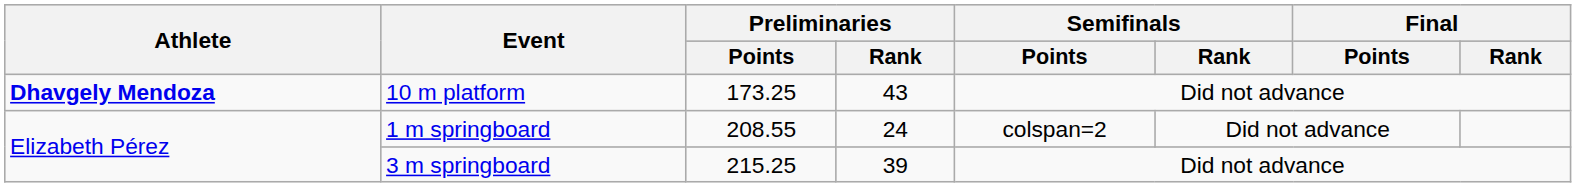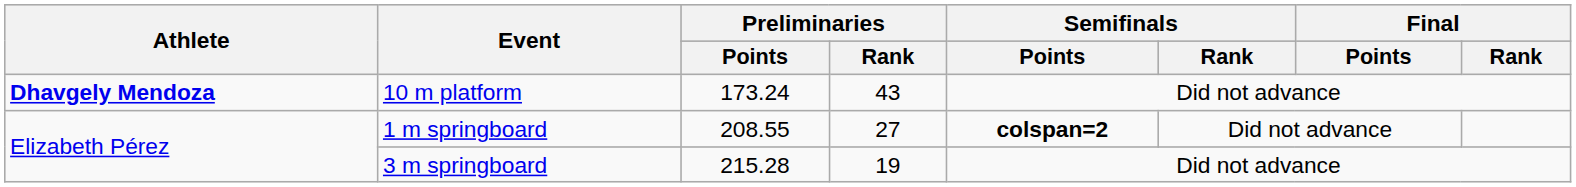 <table class="wikitable" style="text-align:center; font-size:90%; width:50%;">
 <tr>
 <th rowspan=2>Athlete</th>
 <th rowspan=2>Event</th>
 <th colspan=2>Preliminaries</th>
 <th colspan=2>Semifinals</th>
 <th colspan=2>Final</th>
 </tr>
 <tr style="font-size:95%">
 <th>Points</th>
 <th>Rank</th>
 <th>Points</th>
 <th>Rank</th>
 <th>Points</th>
 <th>Rank</th>
 </tr>
 <tr>
 <td align=left><strong><a href='#'>Dhavgely Mendoza</a></strong></td>
 <td align=left><a href='#'>10 m platform</a></td>
-<td>173.25</td>
+<td>173.24</td>
 <td>43</td>
 <td colspan=4>Did not advance</td>
 </tr>
 <tr>
 <td align=left rowspan=2><a href='#'>Elizabeth Pérez</a></td>
 <td align=left><a href='#'>1 m springboard</a></td>
 <td>208.55</td>
-<td>24</td>
-<td>colspan=2 </td>
+<td>27</td>
+<td><strong>colspan=2 </strong></td>
 <td colspan=2>Did not advance</td>
 </tr>
 <tr>
 <td align=left><a href='#'>3 m springboard</a></td>
-<td>215.25</td>
-<td>39</td>
+<td>215.28</td>
+<td>19</td>
 <td colspan=4>Did not advance</td>
 </tr>
 </table>
